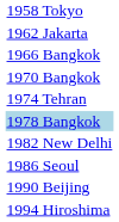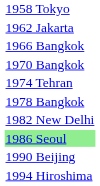 <table>
 <tr>
 <td><a href='#'>1958 Tokyo</a></td>
 <td></td>
 <td></td>
 <td></td>
 </tr>
 <tr>
 <td><a href='#'>1962 Jakarta</a></td>
 <td></td>
 <td></td>
 <td></td>
 </tr>
 <tr>
 <td><a href='#'>1966 Bangkok</a></td>
 <td></td>
 <td></td>
 <td></td>
 </tr>
 <tr>
 <td><a href='#'>1970 Bangkok</a></td>
 <td></td>
 <td></td>
 <td></td>
 </tr>
 <tr>
 <td><a href='#'>1974 Tehran</a></td>
 <td></td>
 <td></td>
 <td></td>
 </tr>
 <tr>
-<td style="background: lightblue;"><a href='#'>1978 Bangkok</a></td>
+<td><a href='#'>1978 Bangkok</a></td>
 <td></td>
 <td></td>
 <td></td>
 </tr>
 <tr>
 <td><a href='#'>1982 New Delhi</a></td>
 <td></td>
 <td></td>
 <td></td>
 </tr>
 <tr>
-<td><a href='#'>1986 Seoul</a></td>
+<td style="background: lightgreen;"><a href='#'>1986 Seoul</a></td>
 <td></td>
 <td></td>
 <td></td>
 </tr>
 <tr>
 <td><a href='#'>1990 Beijing</a></td>
 <td></td>
 <td></td>
 <td></td>
 </tr>
 <tr>
 <td><a href='#'>1994 Hiroshima</a></td>
 <td></td>
 <td></td>
 <td></td>
 </tr>
 </table>
